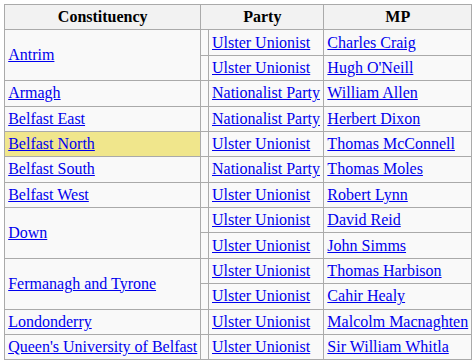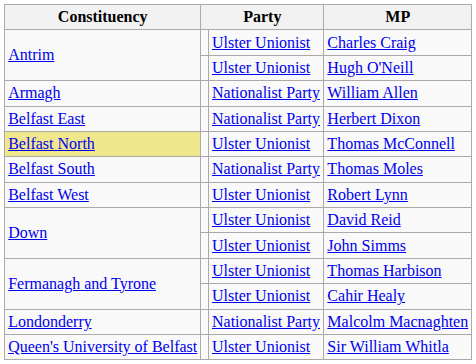 <table class=wikitable>
 <tr>
 <th>Constituency</th>
 <th colspan=2>Party</th>
 <th>MP</th>
 </tr>
 <tr>
 <td rowspan=2><a href='#'>Antrim</a></td>
 <td style="background-color: "></td>
 <td><a href='#'>Ulster Unionist</a></td>
 <td><a href='#'>Charles Craig</a></td>
 </tr>
 <tr>
 <td style="background-color: "></td>
 <td><a href='#'>Ulster Unionist</a></td>
 <td><a href='#'>Hugh O'Neill</a></td>
 </tr>
 <tr>
 <td><a href='#'>Armagh</a></td>
 <td style="background-color: "></td>
 <td><a href='#'>Nationalist Party</a></td>
 <td><a href='#'>William Allen</a></td>
 </tr>
 <tr>
 <td><a href='#'>Belfast East</a></td>
 <td style="background-color: "></td>
 <td><a href='#'>Nationalist Party</a></td>
 <td><a href='#'>Herbert Dixon</a></td>
 </tr>
 <tr>
 <td style="background: khaki;"><a href='#'>Belfast North</a></td>
 <td style="background-color: "></td>
 <td><a href='#'>Ulster Unionist</a></td>
 <td><a href='#'>Thomas McConnell</a></td>
 </tr>
 <tr>
 <td><a href='#'>Belfast South</a></td>
 <td style="background-color: "></td>
 <td><a href='#'>Nationalist Party</a></td>
 <td><a href='#'>Thomas Moles</a></td>
 </tr>
 <tr>
 <td><a href='#'>Belfast West</a></td>
 <td style="background-color: "></td>
 <td><a href='#'>Ulster Unionist</a></td>
 <td><a href='#'>Robert Lynn</a></td>
 </tr>
 <tr>
 <td rowspan=2><a href='#'>Down</a></td>
 <td style="background-color: "></td>
 <td><a href='#'>Ulster Unionist</a></td>
 <td><a href='#'>David Reid</a></td>
 </tr>
 <tr>
 <td style="background-color: "></td>
 <td><a href='#'>Ulster Unionist</a></td>
 <td><a href='#'>John Simms</a></td>
 </tr>
 <tr>
 <td rowspan=2><a href='#'>Fermanagh and Tyrone</a></td>
 <td style="background-color: "></td>
 <td><a href='#'>Ulster Unionist</a></td>
 <td><a href='#'>Thomas Harbison</a></td>
 </tr>
 <tr>
 <td style="background-color: "></td>
 <td><a href='#'>Ulster Unionist</a></td>
 <td><a href='#'>Cahir Healy</a></td>
 </tr>
 <tr>
 <td><a href='#'>Londonderry</a></td>
 <td style="background-color: "></td>
-<td><a href='#'>Ulster Unionist</a></td>
+<td><a href='#'>Nationalist Party</a></td>
 <td><a href='#'>Malcolm Macnaghten</a></td>
 </tr>
 <tr>
 <td><a href='#'>Queen's University of Belfast</a></td>
 <td style="background-color: "></td>
 <td><a href='#'>Ulster Unionist</a></td>
 <td><a href='#'>Sir William Whitla</a></td>
 </tr>
 </table>
